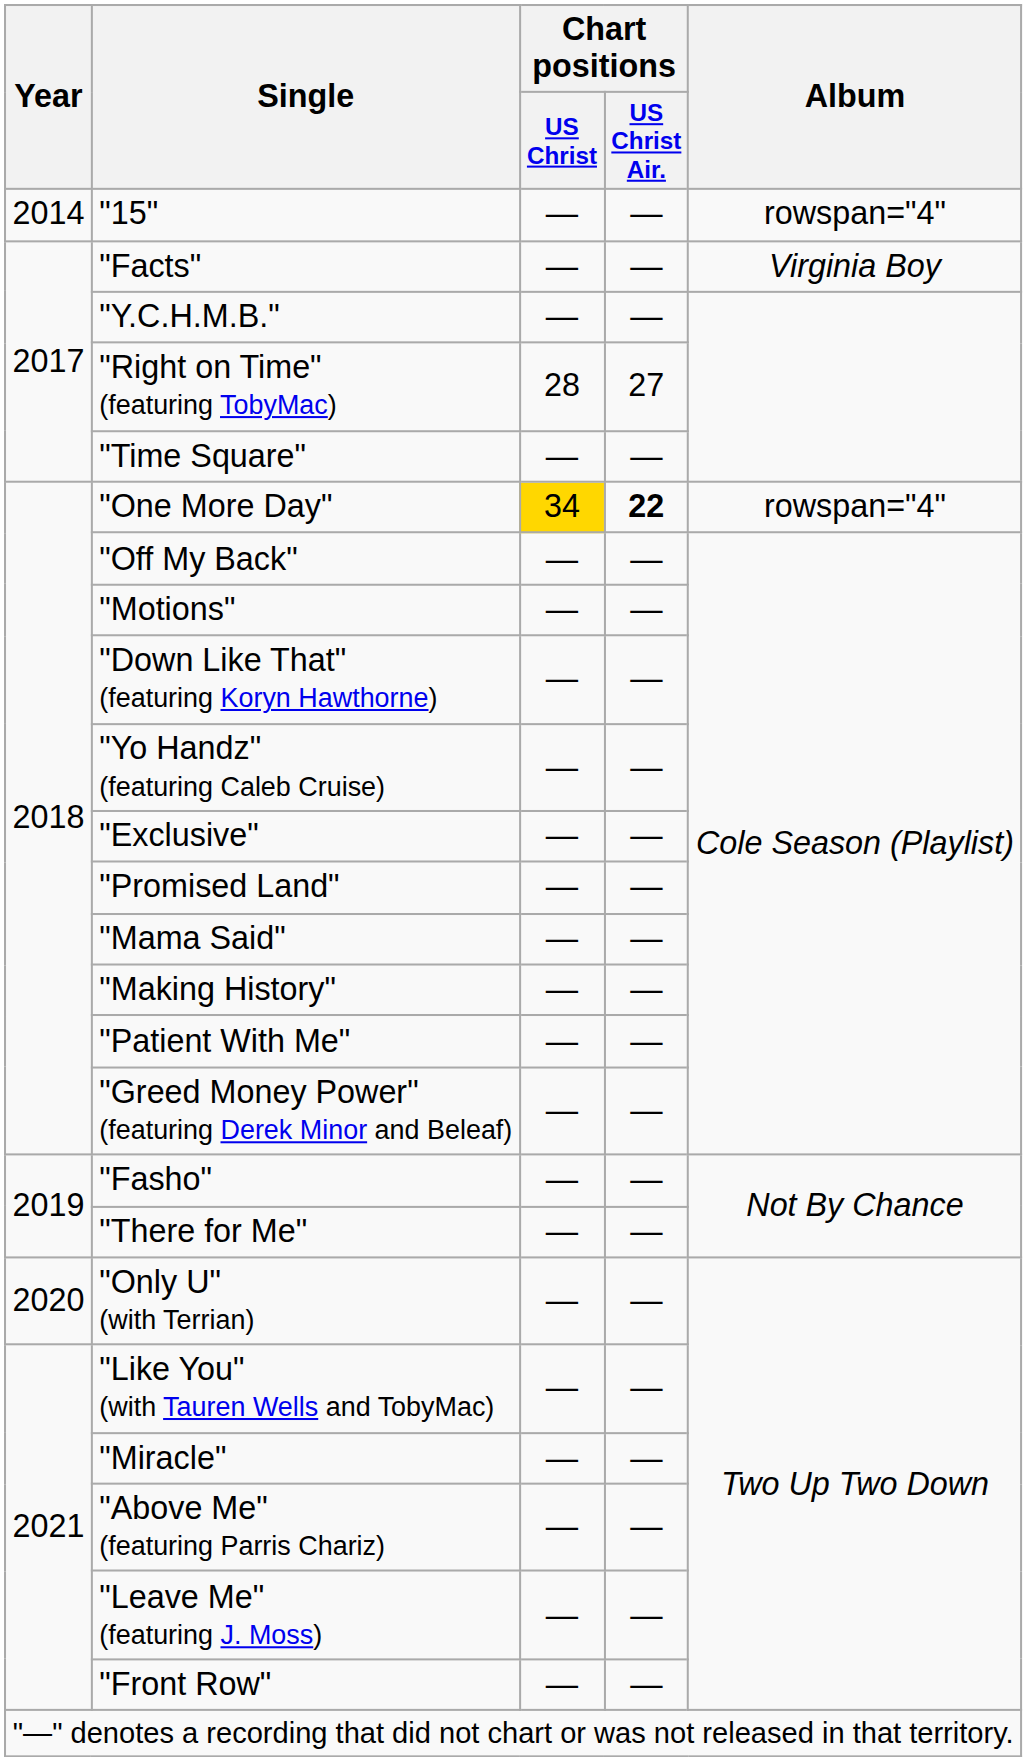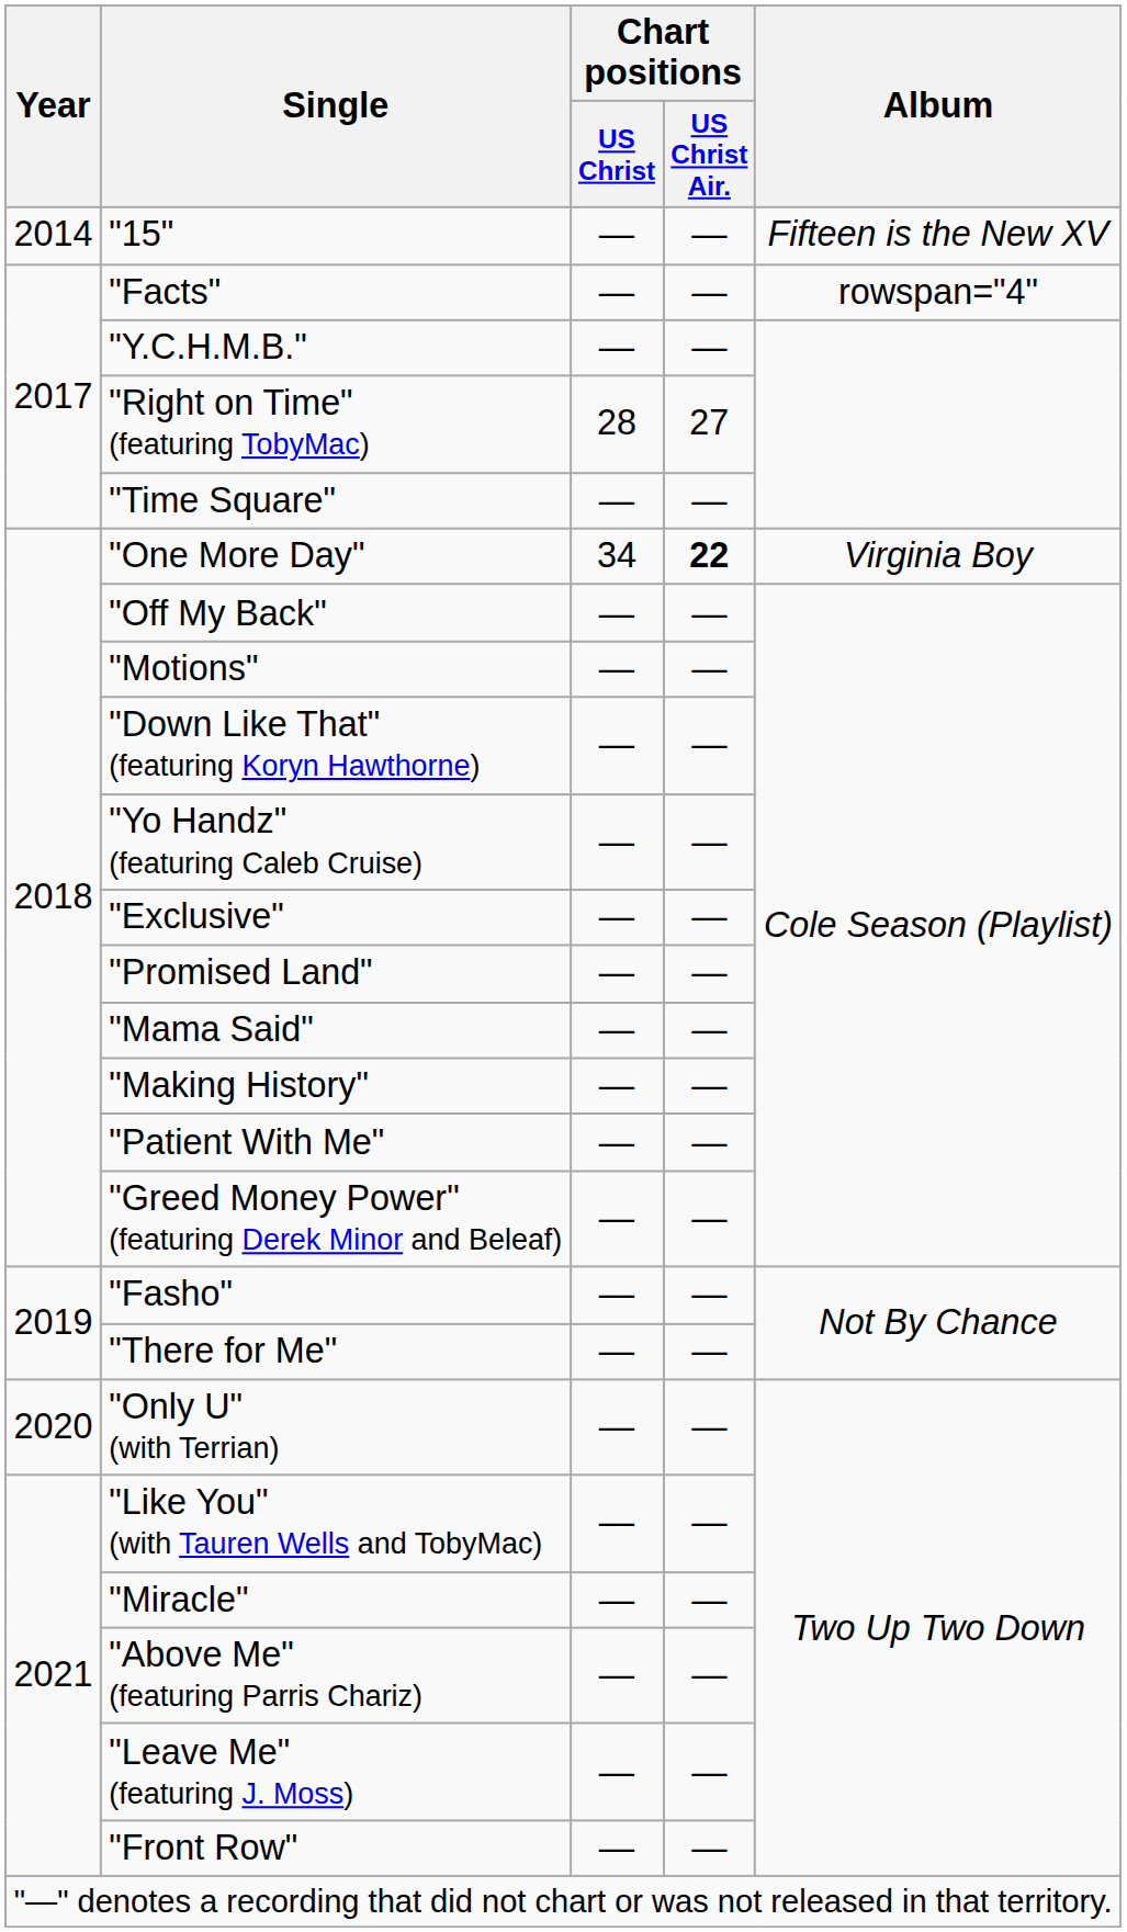 <table class="wikitable" style="text-align:center;">
 <tr>
 <th rowspan="2">Year</th>
 <th rowspan="2">Single</th>
 <th colspan="2">Chart positions</th>
 <th rowspan="2">Album</th>
 </tr>
 <tr style="font-size:smaller;">
 <th scope="col" style="width:3em;font-size:90%;"><a href='#'>US<br>Christ</a><br></th>
 <th scope="col" style="width:3em;font-size:90%;"><a href='#'>US<br>Christ Air.</a><br></th>
 </tr>
 <tr>
 <td rowspan="1">2014</td>
 <td align="left">"15"</td>
 <td>—</td>
 <td>—</td>
-<td>rowspan="4" </td>
+<td><em>Fifteen is the New XV</em></td>
 </tr>
 <tr>
 <td rowspan="4">2017</td>
 <td align="left">"Facts"</td>
 <td>—</td>
 <td>—</td>
-<td><em>Virginia Boy</em></td>
+<td>rowspan="4" </td>
 </tr>
 <tr>
 <td align="left">"Y.C.H.M.B."</td>
 <td>—</td>
 <td>—</td>
 </tr>
 <tr>
 <td align="left">"Right on Time"<br><small>(featuring <a href='#'>TobyMac</a>)</small></td>
 <td>28</td>
 <td>27</td>
 </tr>
 <tr>
 <td align="left">"Time Square"</td>
 <td>—</td>
 <td>—</td>
 </tr>
 <tr>
 <td rowspan="11">2018</td>
 <td align="left">"One More Day"</td>
-<td style="background: gold;">34</td>
+<td>34</td>
 <td><strong>22</strong></td>
-<td>rowspan="4" </td>
+<td><em>Virginia Boy</em></td>
 </tr>
 <tr>
 <td align="left">"Off My Back"</td>
 <td>—</td>
 <td>—</td>
 <td rowspan="10"><em>Cole Season (Playlist)</em></td>
 </tr>
 <tr>
 <td align="left">"Motions"</td>
 <td>—</td>
 <td>—</td>
 </tr>
 <tr>
 <td align="left">"Down Like That"<br><small>(featuring <a href='#'>Koryn Hawthorne</a>)</small></td>
 <td>—</td>
 <td>—</td>
 </tr>
 <tr>
 <td align="left">"Yo Handz"<br><small>(featuring Caleb Cruise)</small></td>
 <td>—</td>
 <td>—</td>
 </tr>
 <tr>
 <td align="left">"Exclusive"</td>
 <td>—</td>
 <td>—</td>
 </tr>
 <tr>
 <td align="left">"Promised Land"</td>
 <td>—</td>
 <td>—</td>
 </tr>
 <tr>
 <td align="left">"Mama Said"</td>
 <td>—</td>
 <td>—</td>
 </tr>
 <tr>
 <td align="left">"Making History"</td>
 <td>—</td>
 <td>—</td>
 </tr>
 <tr>
 <td align="left">"Patient With Me"</td>
 <td>—</td>
 <td>—</td>
 </tr>
 <tr>
 <td align="left">"Greed Money Power"<br><small>(featuring <a href='#'>Derek Minor</a> and Beleaf)</small></td>
 <td>—</td>
 <td>—</td>
 </tr>
 <tr>
 <td rowspan="2">2019</td>
 <td align="left">"Fasho"</td>
 <td>—</td>
 <td>—</td>
 <td rowspan="2"><em>Not By Chance</em></td>
 </tr>
 <tr>
 <td align="left">"There for Me"</td>
 <td>—</td>
 <td>—</td>
 </tr>
 <tr>
 <td>2020</td>
 <td align="left">"Only U"<br><small>(with Terrian)</small></td>
 <td>—</td>
 <td>—</td>
 <td rowspan="6"><em>Two Up Two Down</em></td>
 </tr>
 <tr>
 <td rowspan="5">2021</td>
 <td align="left">"Like You"<br><small>(with <a href='#'>Tauren Wells</a> and TobyMac)</small></td>
 <td>—</td>
 <td>—</td>
 </tr>
 <tr>
 <td align="left">"Miracle"</td>
 <td>—</td>
 <td>—</td>
 </tr>
 <tr>
 <td align="left">"Above Me"<br><small>(featuring Parris Chariz)</small></td>
 <td>—</td>
 <td>—</td>
 </tr>
 <tr>
 <td align="left">"Leave Me"<br><small>(featuring <a href='#'>J. Moss</a>)</small></td>
 <td>—</td>
 <td>—</td>
 </tr>
 <tr>
 <td align="left">"Front Row"</td>
 <td>—</td>
 <td>—</td>
 </tr>
 <tr>
 <td colspan="15" style="font-size:90%">"—" denotes a recording that did not chart or was not released in that territory.</td>
 </tr>
 </table>
